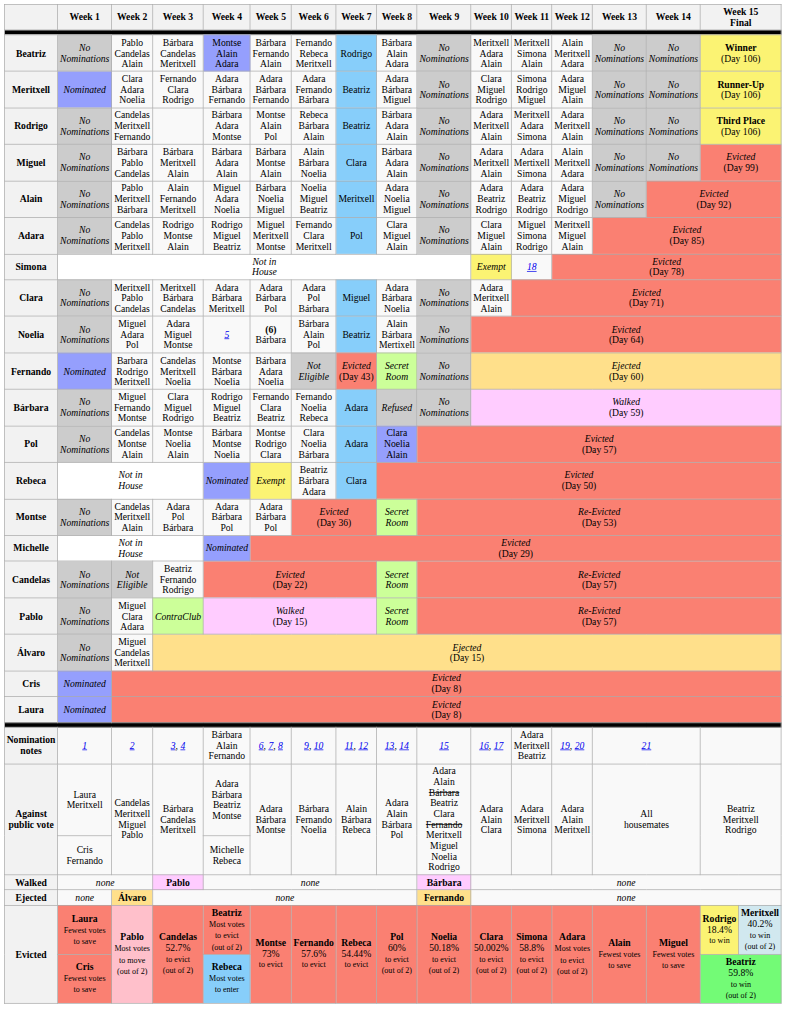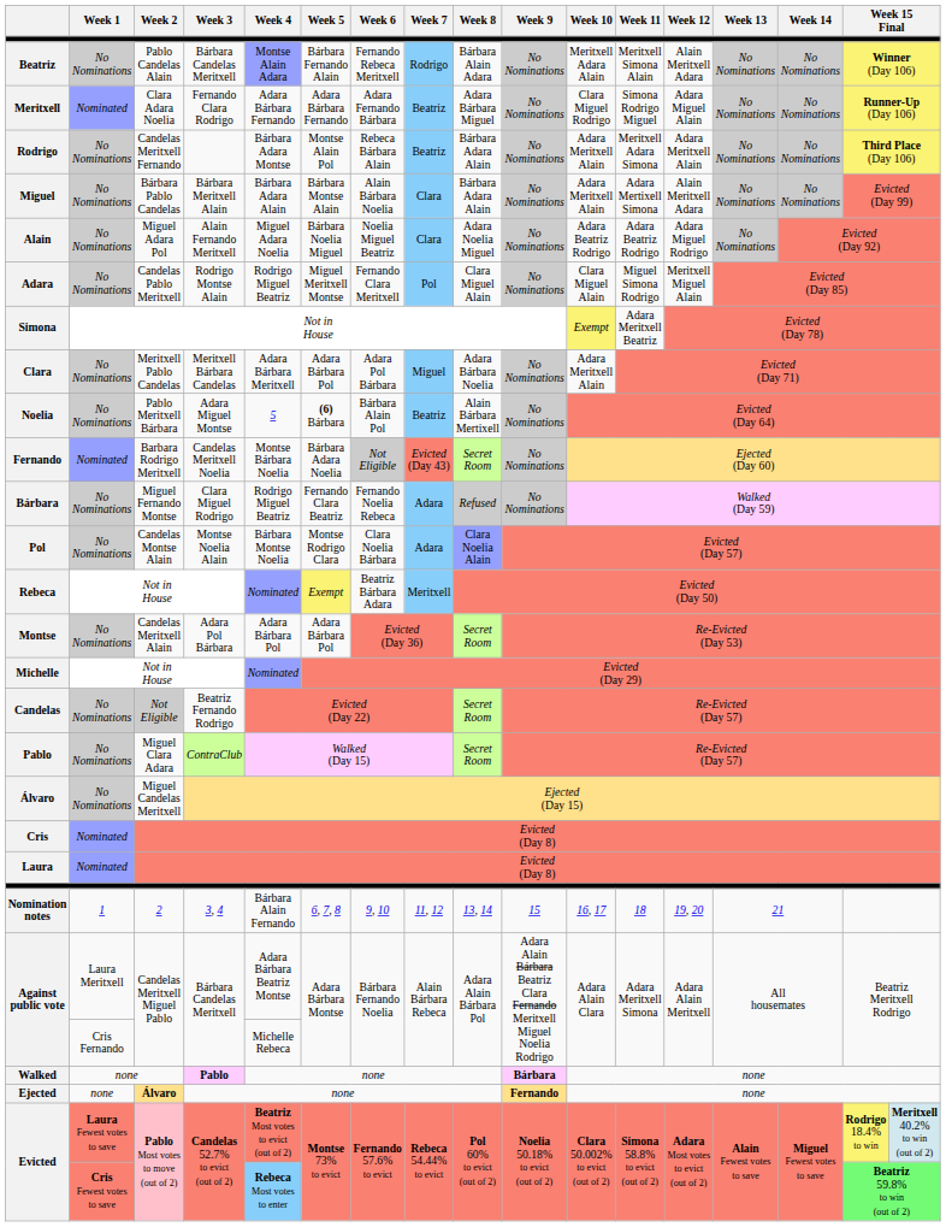 <table class="wikitable" style="width:100%; text-align:center; font-size:85%; line-height:15px;">
 <tr>
 <th style="width:5%"></th>
 <th style="width:5%">Week 1</th>
 <th style="width:5%">Week 2</th>
 <th style="width:5%">Week 3</th>
 <th style="width:5%">Week 4</th>
 <th style="width:5%">Week 5</th>
 <th style="width:5%">Week 6</th>
 <th style="width:5%">Week 7</th>
 <th style="width:5%">Week 8</th>
 <th style="width:5%">Week 9</th>
 <th style="width:5%">Week 10</th>
 <th style="width:5%">Week 11</th>
 <th style="width:5%">Week 12</th>
 <th style="width:5%">Week 13</th>
 <th style="width:5%">Week 14</th>
 <th style="width:5%" colspan=2>Week 15<br>Final</th>
 </tr>
 <tr>
 <td colspan="17" style="background: black none repeat scroll 0% 0%;"></td>
 </tr>
 <tr>
 <th>Beatriz</th>
 <td style="background:#CCC;"><em>No<br>Nominations</em></td>
 <td>Pablo<br>Candelas<br>Alain</td>
 <td>Bárbara<br>Candelas<br>Meritxell</td>
 <td style="background:#959FFD">Montse<br>Alain<br>Adara</td>
 <td>Bárbara<br>Fernando<br>Alain</td>
 <td>Fernando<br>Rebeca<br>Meritxell</td>
 <td style="background:#87CEFA;">Rodrigo</td>
 <td>Bárbara<br>Alain<br>Adara</td>
 <td style="background:#CCC;"><em>No<br>Nominations</em></td>
 <td>Meritxell<br>Adara<br>Alain</td>
 <td>Meritxell<br>Simona<br>Alain</td>
 <td>Alain<br>Meritxell<br>Adara</td>
 <td style="background:#CCC;"><em>No<br>Nominations</em></td>
 <td style="background:#CCC;"><em>No<br>Nominations</em></td>
 <td colspan=2 style="background:#FBF373"><strong>Winner</strong><br>(Day 106)</td>
 </tr>
 <tr>
 <th>Meritxell</th>
 <td style="background:#959FFD"><em>Nominated</em></td>
 <td>Clara<br>Adara<br>Noelia</td>
 <td>Fernando<br>Clara<br>Rodrigo</td>
 <td>Adara<br>Bárbara<br>Fernando</td>
 <td>Adara<br>Bárbara<br>Fernando</td>
 <td>Adara<br>Fernando<br>Bárbara</td>
 <td style="background:#87CEFA;">Beatriz</td>
 <td>Adara<br>Bárbara<br>Miguel</td>
 <td style="background:#CCC;"><em>No<br>Nominations</em></td>
 <td>Clara<br>Miguel<br>Rodrigo</td>
 <td>Simona<br>Rodrigo<br>Miguel</td>
 <td>Adara<br>Miguel<br>Alain</td>
 <td style="background:#CCC;"><em>No<br>Nominations</em></td>
 <td style="background:#CCC;"><em>No<br>Nominations</em></td>
 <td colspan=2 style="background:#FBF373"><strong>Runner-Up</strong><br>(Day 106)</td>
 </tr>
 <tr>
 <th>Rodrigo</th>
 <td style="background:#CCC;"><em>No<br>Nominations</em></td>
 <td>Candelas<br>Meritxell<br>Fernando</td>
 <td><br><br></td>
 <td>Bárbara<br>Adara<br>Montse</td>
 <td>Montse<br>Alain<br>Pol</td>
 <td>Rebeca<br>Bárbara<br>Alain</td>
 <td style="background:#87CEFA;">Beatriz</td>
 <td>Bárbara<br>Adara<br>Alain</td>
 <td style="background:#CCC;"><em>No<br>Nominations</em></td>
 <td>Adara<br>Meritxell<br>Alain</td>
 <td>Meritxell<br>Adara<br>Simona</td>
 <td>Adara<br>Meritxell<br>Alain</td>
 <td style="background:#CCC;"><em>No<br>Nominations</em></td>
 <td style="background:#CCC;"><em>No<br>Nominations</em></td>
 <td colspan=2 style="background:#FBF373"><strong>Third Place</strong><br>(Day 106)</td>
 </tr>
 <tr>
 <th>Miguel</th>
 <td style="background:#CCC;"><em>No<br>Nominations</em></td>
 <td>Bárbara<br>Pablo<br>Candelas</td>
 <td>Bárbara<br>Meritxell<br>Alain</td>
 <td>Bárbara<br>Adara<br>Alain</td>
 <td>Bárbara<br>Montse<br>Alain</td>
 <td>Alain<br>Bárbara<br>Noelia</td>
 <td style="background:#87CEFA;">Clara</td>
 <td>Bárbara<br>Adara<br>Alain</td>
 <td style="background:#CCC;"><em>No<br>Nominations</em></td>
 <td>Adara<br>Meritxell<br>Alain</td>
 <td>Adara<br>Mertixell<br>Simona</td>
 <td>Alain<br>Meritxell<br>Adara</td>
 <td style="background:#CCC;"><em>No<br>Nominations</em></td>
 <td style="background:#CCC;"><em>No<br>Nominations</em></td>
 <td colspan="2" style="background:#FA8072"><em>Evicted</em><br>(Day 99)</td>
 </tr>
 <tr>
 <th>Alain</th>
 <td style="background:#CCC;"><em>No<br>Nominations</em></td>
-<td>Pablo<br>Meritxell<br>Bárbara</td>
+<td>Miguel<br>Adara<br>Pol</td>
 <td>Alain<br>Fernando<br>Meritxell</td>
 <td>Miguel<br>Adara<br>Noelia</td>
 <td>Bárbara<br>Noelia<br>Miguel</td>
 <td>Noelia<br>Miguel<br>Beatriz</td>
-<td style="background:#87CEFA;">Meritxell</td>
+<td style="background:#87CEFA;">Clara</td>
 <td>Adara<br>Noelia<br>Miguel</td>
 <td style="background:#CCC;"><em>No<br>Nominations</em></td>
 <td>Adara<br>Beatriz<br>Rodrigo</td>
 <td>Adara<br>Beatriz<br>Rodrigo</td>
 <td>Adara<br>Miguel<br>Rodrigo</td>
 <td style="background:#CCC;"><em>No<br>Nominations</em></td>
 <td colspan="3" style="background:#FA8072"><em>Evicted</em><br>(Day 92)</td>
 </tr>
 <tr>
 <th>Adara</th>
 <td style="background:#CCC;"><em>No<br>Nominations</em></td>
 <td>Candelas<br>Pablo<br>Meritxell</td>
 <td>Rodrigo<br>Montse<br>Alain</td>
 <td>Rodrigo<br>Miguel<br>Beatriz</td>
 <td>Miguel<br>Meritxell<br>Montse</td>
 <td>Fernando<br>Clara<br>Meritxell</td>
 <td style="background:#87CEFA;">Pol</td>
 <td>Clara<br>Miguel<br>Alain</td>
 <td style="background:#CCC;"><em>No<br>Nominations</em></td>
 <td>Clara<br>Miguel<br>Alain</td>
 <td>Miguel<br>Simona<br>Rodrigo</td>
 <td>Meritxell<br>Miguel<br>Alain</td>
 <td colspan="4" style="background:#FA8072"><em>Evicted</em><br>(Day 85)</td>
 </tr>
 <tr>
 <th>Simona</th>
 <td style="background:white" colspan="9"><em>Not in<br>House</em></td>
 <td style="background:#FBF373"><em>Exempt</em></td>
-<td><em><a href='#'>18</a></em></td>
+<td>Adara<br>Meritxell<br>Beatriz</td>
 <td colspan="5" style="background:#FA8072"><em>Evicted</em><br>(Day 78)</td>
 </tr>
 <tr>
 <th>Clara</th>
 <td style="background:#CCC;"><em>No<br>Nominations</em></td>
 <td>Meritxell<br>Pablo<br>Candelas</td>
 <td>Meritxell<br>Bárbara<br>Candelas</td>
 <td>Adara<br>Bárbara<br>Meritxell</td>
 <td>Adara<br>Bárbara<br>Pol</td>
 <td>Adara<br>Pol<br>Bárbara</td>
 <td style="background:#87CEFA;">Miguel</td>
 <td>Adara<br>Bárbara<br>Noelia</td>
 <td style="background:#CCC;"><em>No<br>Nominations</em></td>
 <td>Adara<br>Meritxell<br>Alain</td>
 <td colspan="6" style="background:#FA8072"><em>Evicted</em><br>(Day 71)</td>
 </tr>
 <tr>
 <th>Noelia</th>
 <td style="background:#CCC;"><em>No<br>Nominations</em></td>
-<td>Miguel<br>Adara<br>Pol</td>
+<td>Pablo<br>Meritxell<br>Bárbara</td>
 <td>Adara<br>Miguel<br>Montse</td>
 <td><em><a href='#'>5</a></em></td>
 <td><strong>(6)</strong> Bárbara</td>
 <td>Bárbara<br>Alain<br>Pol</td>
 <td style="background:#87CEFA;">Beatriz</td>
 <td>Alain<br>Bárbara<br>Mertixell</td>
 <td style="background:#CCC;"><em>No<br>Nominations</em></td>
 <td colspan="7" style="background:#FA8072"><em>Evicted</em><br>(Day 64)</td>
 </tr>
 <tr>
 <th>Fernando</th>
 <td style="background:#959FFD"><em>Nominated</em></td>
 <td>Barbara<br>Rodrigo<br>Meritxell</td>
 <td>Candelas<br>Meritxell<br>Noelia</td>
 <td>Montse<br>Bárbara<br>Noelia</td>
 <td>Bárbara<br>Adara<br>Noelia</td>
 <td style="background:#CCC;"><em>Not<br>Eligible</em></td>
 <td style="background:#FA8072"><em>Evicted</em><br>(Day 43)</td>
 <td style="background:#CCFF99"><em>Secret<br>Room</em></td>
 <td style="background:#CCC;"><em>No<br>Nominations</em></td>
 <td colspan="7" style="background:#FFE08B"><em>Ejected</em><br>(Day 60)</td>
 </tr>
 <tr>
 <th>Bárbara</th>
 <td style="background:#CCC;"><em>No<br>Nominations</em></td>
 <td>Miguel<br>Fernando<br>Montse</td>
 <td>Clara<br>Miguel<br>Rodrigo</td>
 <td>Rodrigo<br>Miguel<br>Beatriz</td>
 <td>Fernando<br>Clara<br>Beatriz</td>
 <td>Fernando<br>Noelia<br>Rebeca</td>
 <td style="background:#87CEFA;">Adara</td>
 <td style="background:#CCC;"><em>Refused</em></td>
 <td style="background:#CCC;"><em>No<br>Nominations</em></td>
 <td colspan="7" style="background:#ffccff;"><em>Walked<br></em>(Day 59)</td>
 </tr>
 <tr>
 <th>Pol</th>
 <td style="background:#CCC;"><em>No<br>Nominations</em></td>
 <td>Candelas<br>Montse<br>Alain</td>
 <td>Montse<br>Noelia<br>Alain</td>
 <td>Bárbara<br>Montse<br>Noelia</td>
 <td>Montse<br>Rodrigo<br>Clara</td>
 <td>Clara<br>Noelia<br>Bárbara</td>
 <td style="background:#87CEFA;">Adara</td>
 <td style="background:#959FFD">Clara<br>Noelia<br>Alain</td>
 <td colspan="8" style="background:#FA8072"><em>Evicted</em><br>(Day 57)</td>
 </tr>
 <tr>
 <th>Rebeca</th>
 <td style="background:white" colspan="3"><em>Not in<br>House</em></td>
 <td style="background:#959FFD"><em>Nominated</em></td>
 <td style="background:#FBF373"><em>Exempt</em></td>
 <td>Beatriz<br>Bárbara<br>Adara</td>
-<td style="background:#87CEFA;">Clara</td>
+<td style="background:#87CEFA;">Meritxell</td>
 <td colspan="9" style="background:#FA8072"><em>Evicted</em><br>(Day 50)</td>
 </tr>
 <tr>
 <th>Montse</th>
 <td style="background:#CCC;"><em>No<br>Nominations</em></td>
 <td>Candelas<br>Meritxell<br>Alain</td>
 <td>Adara<br>Pol<br>Bárbara</td>
 <td>Adara<br>Bárbara<br>Pol</td>
 <td>Adara<br>Bárbara<br>Pol</td>
 <td colspan="2" style="background:#FA8072"><em>Evicted</em><br>(Day 36)</td>
 <td style="background:#CCFF99"><em>Secret<br>Room</em></td>
 <td colspan="8" style="background:#FA8072"><em>Re-Evicted</em><br>(Day 53)</td>
 </tr>
 <tr>
 <th>Michelle</th>
 <td style="background:white" colspan=3><em>Not in<br>House</em></td>
 <td style="background:#959FFD"><em>Nominated</em></td>
 <td colspan="12" style="background:#FA8072"><em>Evicted</em><br>(Day 29)</td>
 </tr>
 <tr>
 <th>Candelas</th>
 <td style="background:#CCC;"><em>No<br>Nominations</em></td>
 <td style="background:#CCC;"><em>Not<br>Eligible</em></td>
 <td>Beatriz<br>Fernando<br>Rodrigo</td>
 <td colspan="4" style="background:#FA8072"><em>Evicted</em><br>(Day 22)</td>
 <td style="background:#CCFF99"><em>Secret<br>Room</em></td>
 <td colspan="8" style="background:#FA8072"><em>Re-Evicted</em><br>(Day 57)</td>
 </tr>
 <tr>
 <th>Pablo</th>
 <td style="background:#CCC;"><em>No<br>Nominations</em></td>
 <td>Miguel<br>Clara<br>Adara</td>
 <td style="background:#CCFF99"><em>ContraClub</em></td>
 <td colspan="4" style="background:#ffccff;"><em>Walked<br></em>(Day 15)</td>
 <td style="background:#CCFF99"><em>Secret<br>Room</em></td>
 <td colspan="8" style="background:#FA8072"><em>Re-Evicted</em><br>(Day 57)</td>
 </tr>
 <tr>
 <th>Álvaro</th>
 <td style="background:#CCC;"><em>No<br>Nominations</em></td>
 <td>Miguel<br>Candelas<br>Meritxell</td>
 <td colspan="14" style="background:#FFE08B"><em>Ejected</em><br>(Day 15)</td>
 </tr>
 <tr>
 <th>Cris</th>
 <td style="background:#959FFD"><em>Nominated</em></td>
 <td colspan="15" style="background:#FA8072"><em>Evicted</em><br>(Day 8)</td>
 </tr>
 <tr>
 <th>Laura</th>
 <td style="background:#959FFD"><em>Nominated</em></td>
 <td colspan="15" style="background:#FA8072"><em>Evicted</em><br>(Day 8)</td>
 </tr>
 <tr>
 <td colspan="17" style="background: black none repeat scroll 0% 0%;"></td>
 </tr>
 <tr>
 <th>Nomination<br>notes</th>
 <td><em><a href='#'>1</a></em></td>
 <td><em><a href='#'>2</a></em></td>
 <td><em><a href='#'>3</a></em>, <em><a href='#'>4</a></em></td>
 <td>Bárbara<br>Alain<br>Fernando</td>
 <td><em><a href='#'>6</a></em>, <em><a href='#'>7</a></em>, <em><a href='#'>8</a></em></td>
 <td><em><a href='#'>9</a></em>, <em><a href='#'>10</a></em></td>
 <td><em><a href='#'>11</a></em>, <em><a href='#'>12</a></em></td>
 <td><em><a href='#'>13</a></em>, <em><a href='#'>14</a></em></td>
 <td><em><a href='#'>15</a></em></td>
 <td><em><a href='#'>16</a></em>, <em><a href='#'>17</a></em></td>
-<td>Adara<br>Meritxell<br>Beatriz</td>
+<td><em><a href='#'>18</a></em></td>
 <td><em><a href='#'>19</a></em>, <em><a href='#'>20</a></em></td>
 <td colspan="2"><em><a href='#'>21</a></em></td>
 <td colspan=2></td>
 </tr>
 <tr>
 <th rowspan="2">Against<br>public vote</th>
 <td>Laura<br>Meritxell</td>
 <td rowspan="2">Candelas<br>Meritxell<br>Miguel<br>Pablo</td>
 <td rowspan="2">Bárbara<br>Candelas<br>Meritxell</td>
 <td>Adara<br>Bárbara<br>Beatriz<br>Montse</td>
 <td rowspan="2">Adara<br>Bárbara<br>Montse</td>
 <td rowspan="2">Bárbara<br>Fernando<br>Noelia</td>
 <td rowspan="2">Alain<br>Bárbara<br>Rebeca</td>
 <td rowspan="2">Adara<br>Alain<br>Bárbara<br>Pol</td>
 <td rowspan="2">Adara<br>Alain<br><s>Bárbara</s><br>Beatriz<br>Clara<br><s>Fernando</s><br>Meritxell<br>Miguel<br>Noelia<br>Rodrigo</td>
 <td rowspan="2">Adara<br>Alain<br>Clara</td>
 <td rowspan="2">Adara<br>Meritxell<br>Simona</td>
 <td rowspan="2">Adara<br>Alain<br>Meritxell</td>
 <td colspan=2 rowspan="2">All<br>housemates</td>
 <td colspan=2 rowspan="2">Beatriz<br>Meritxell<br>Rodrigo</td>
 </tr>
 <tr>
 <td>Cris<br>Fernando</td>
 <td>Michelle<br>Rebeca</td>
 </tr>
 <tr>
 <th>Walked</th>
 <td colspan="2"><em>none</em></td>
 <td style="background:#fcf"><strong>Pablo</strong></td>
 <td colspan="5"><em>none</em></td>
 <td style="background:#fcf"><strong>Bárbara</strong></td>
 <td colspan="7"><em>none</em></td>
 </tr>
 <tr>
 <th>Ejected</th>
 <td><em>none</em></td>
 <td style="background:#FFE08B"><strong>Álvaro</strong></td>
 <td colspan="6"><em>none</em></td>
 <td style="background:#FFE08B"><strong>Fernando</strong></td>
 <td colspan="7"><em>none</em></td>
 </tr>
 <tr>
 <th rowspan="2">Evicted</th>
 <td style="background:#FA8072"><strong>Laura</strong><br><small>Fewest votes<br>to save</small></td>
 <td style="background:#FFC0CB" rowspan="2"><strong>Pablo</strong><br><small>Most votes<br>to move<br>(out of 2)</small></td>
 <td style="background:#FA8072" rowspan="2"><strong>Candelas</strong><br>52.7%<br><small>to evict<br>(out of 2)</small></td>
 <td style="background:#FA8072"><strong>Beatriz</strong><br><small>Most votes<br>to evict<br>(out of 2)</small></td>
 <td rowspan="2" style="background:#FA8072"><strong>Montse</strong><br>73%<br><small>to evict</small></td>
 <td style="background:#FA8072" rowspan="2"><strong>Fernando</strong><br>57.6%<br><small>to evict</small></td>
 <td style="background:#FA8072" rowspan="2"><strong>Rebeca</strong><br>54.44%<br><small>to evict</small></td>
 <td style="background:#FA8072" rowspan="2"><strong>Pol</strong><br>60%<br><small>to evict<br>(out of 2)</small></td>
 <td style="background:#FA8072" rowspan="2"><strong>Noelia</strong><br>50.18%<br><small>to evict<br>(out of 2)</small></td>
 <td style="background:#FA8072" rowspan="2"><strong>Clara</strong><br>50.002%<br><small>to evict<br>(out of 2)</small></td>
 <td style="background:#FA8072" rowspan="2"><strong>Simona</strong><br>58.8%<br><small>to evict<br>(out of 2)</small></td>
 <td style="background:#FA8072" rowspan="2"><strong>Adara</strong><br><small>Most votes<br>to evict<br>(out of 2)</small></td>
 <td style="background:#FA8072" rowspan="2"><strong>Alain</strong><br><small>Fewest votes<br>to save</small></td>
 <td style="background:#FA8072" rowspan="2"><strong>Miguel</strong><br><small>Fewest votes<br>to save</small></td>
 <td style="background:#FBF373"><strong>Rodrigo</strong><br>18.4%<br><small>to win<br></small></td>
 <td style="background:#D1E8EF"><strong>Meritxell</strong><br>40.2%<br><small>to win<br>(out of 2)</small></td>
 </tr>
 <tr>
 <td style="background:#FA8072"><strong>Cris</strong><br><small>Fewest votes<br>to save</small></td>
 <td style="background:#87CEFA"><strong>Rebeca</strong><br><small>Most votes<br>to enter</small></td>
 <td colspan=2 style="background:#73FB76"><strong>Beatriz</strong><br>59.8%<br><small>to win<br>(out of 2)</small></td>
 </tr>
 </table>
